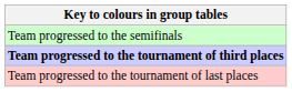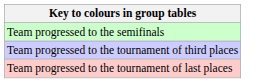 <table class="wikitable">
 <tr>
 <th>Key to colours in group tables</th>
 </tr>
 <tr style="background:#cfc">
 <td>Team progressed to the semifinals</td>
 </tr>
 <tr style="background:#ccf">
-<td><strong>Team progressed to the tournament of third places</strong></td>
+<td>Team progressed to the tournament of third places</td>
 </tr>
 <tr style="background:#fcc">
 <td>Team progressed to the tournament of last places</td>
 </tr>
 </table>
